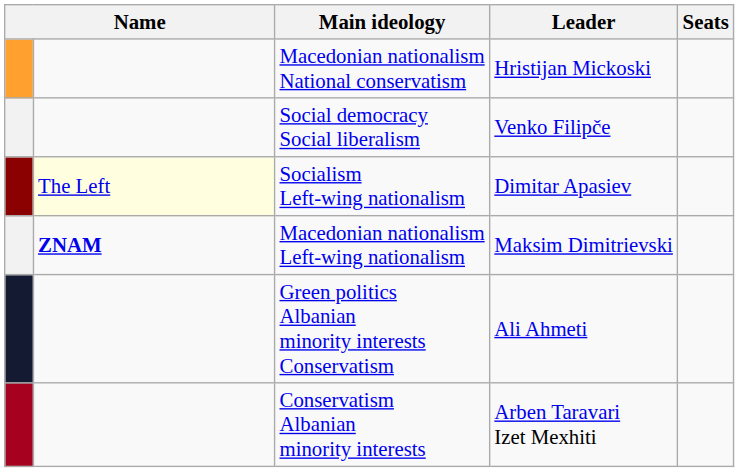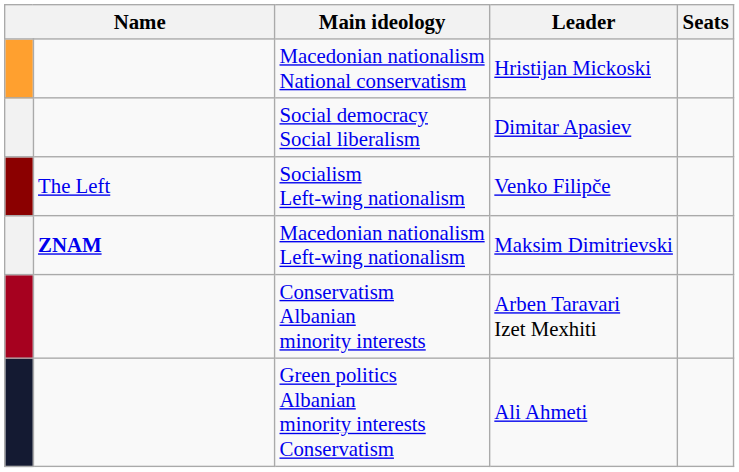 <table class="wikitable" style="text-align; font-size:95%;">
 <tr>
 <th colspan="2" style="width:190px;">Name</th>
 <th>Main ideology</th>
 <th>Leader</th>
 <th>Seats</th>
 </tr>
 <tr>
 <th style="background-color:#ffa02f"></th>
 <td style="text-align:left;"></td>
 <td><a href='#'>Macedonian nationalism</a><br> <a href='#'>National conservatism</a></td>
 <td><a href='#'>Hristijan Mickoski</a></td>
 <td></td>
 </tr>
 <tr>
 <th style="background-color:"></th>
 <td style="text-align:left;"></td>
 <td><a href='#'>Social democracy</a><br><a href='#'>Social liberalism</a><br></td>
-<td><a href='#'>Venko Filipče</a></td>
+<td><a href='#'>Dimitar Apasiev</a></td>
 <td></td>
 </tr>
 <tr>
 <th style="background-color:darkred"></th>
-<td style="background: lightyellow;"><a href='#'>The Left</a></td>
+<td><a href='#'>The Left</a></td>
 <td><a href='#'>Socialism</a><br><a href='#'>Left-wing nationalism</a></td>
-<td><a href='#'>Dimitar Apasiev</a></td>
+<td><a href='#'>Venko Filipče</a></td>
 <td></td>
 </tr>
 <tr>
 <th style="background-color:"></th>
 <td><strong><a href='#'>ZNAM</a></strong></td>
 <td><a href='#'>Macedonian nationalism</a><br><a href='#'>Left-wing nationalism</a></td>
 <td><a href='#'>Maksim Dimitrievski</a></td>
 <td></td>
 </tr>
 <tr>
+<th style="background-color:#A6011F"></th>
+<td style="text-align:left;"></td>
+<td><a href='#'>Conservatism</a><br><a href='#'>Albanian</a><br><a href='#'>minority interests</a></td>
+<td><a href='#'>Arben Taravari</a> <br> Izet Mexhiti</td>
+<td></td>
+</tr>
+<tr>
 <th style="background-color:#141A32"></th>
 <td style="text-align:left;"></td>
 <td><a href='#'>Green politics</a><br><a href='#'>Albanian</a><br><a href='#'>minority interests</a><br><a href='#'>Conservatism</a></td>
 <td><a href='#'>Ali Ahmeti</a></td>
 <td></td>
 </tr>
-<tr>
-<th style="background-color:#A6011F"></th>
-<td style="text-align:left;"></td>
-<td><a href='#'>Conservatism</a><br><a href='#'>Albanian</a><br><a href='#'>minority interests</a></td>
-<td><a href='#'>Arben Taravari</a> <br> Izet Mexhiti</td>
-<td></td>
-</tr>
 </table>
